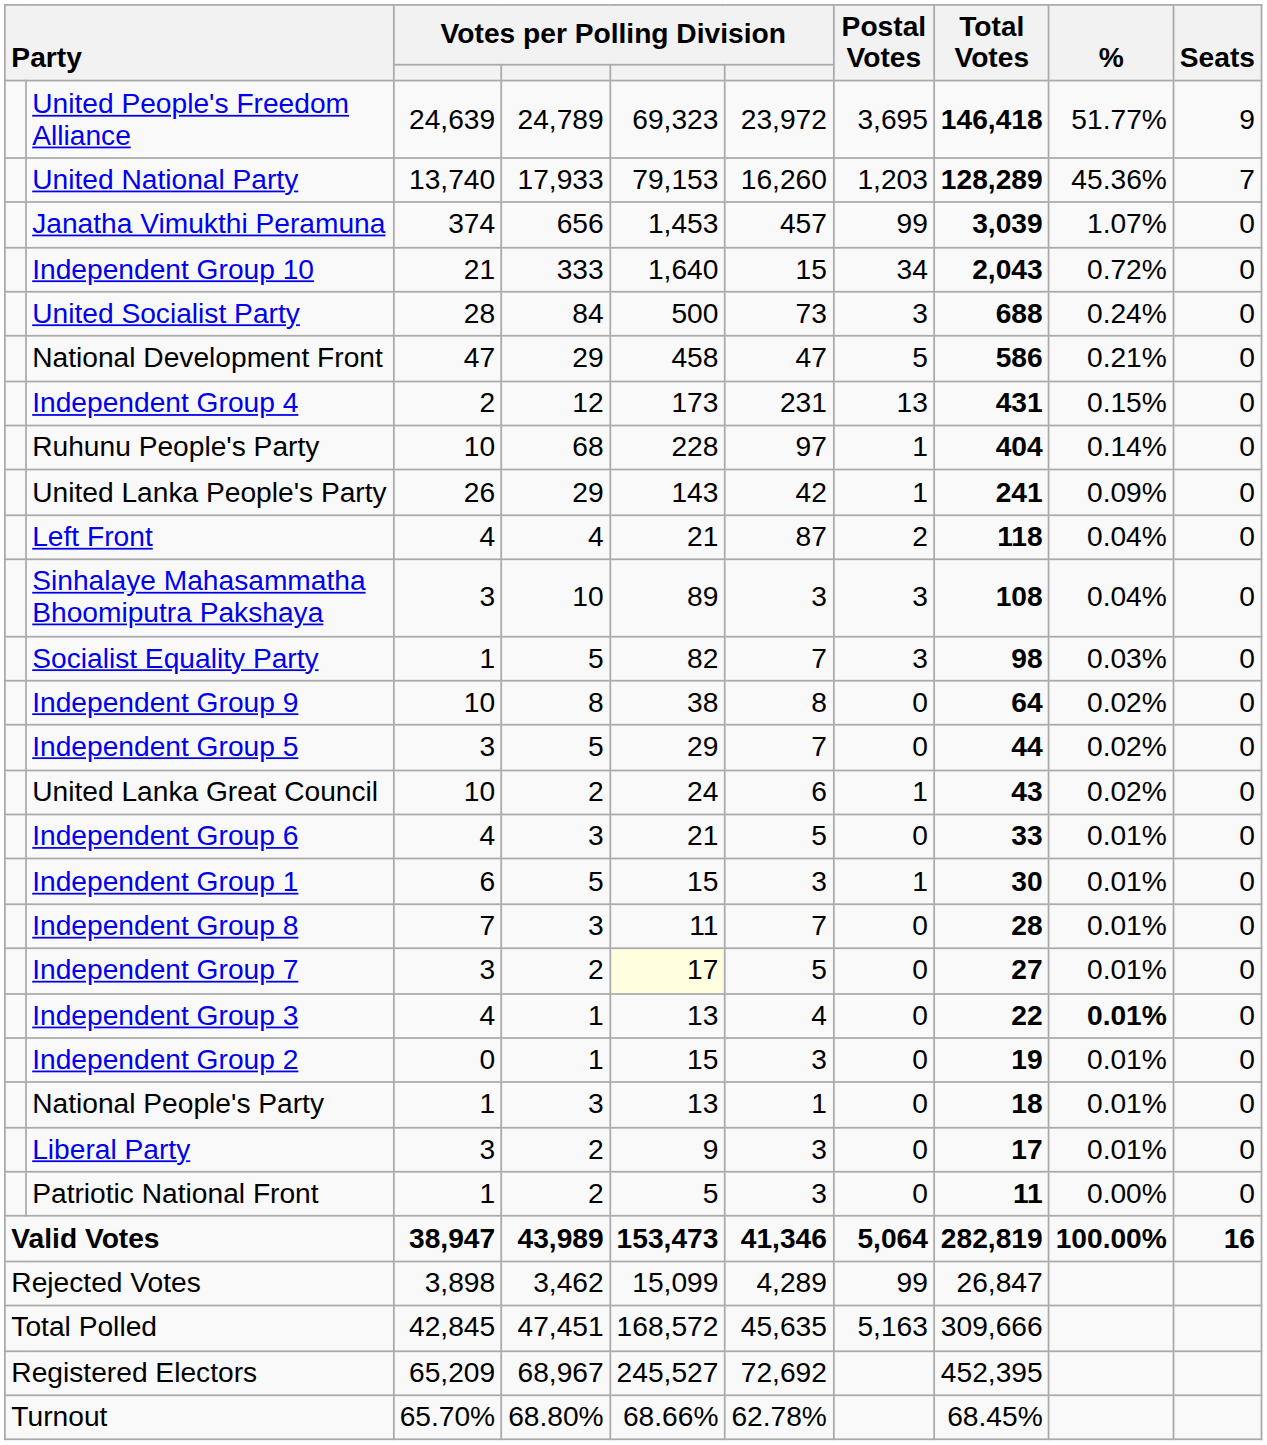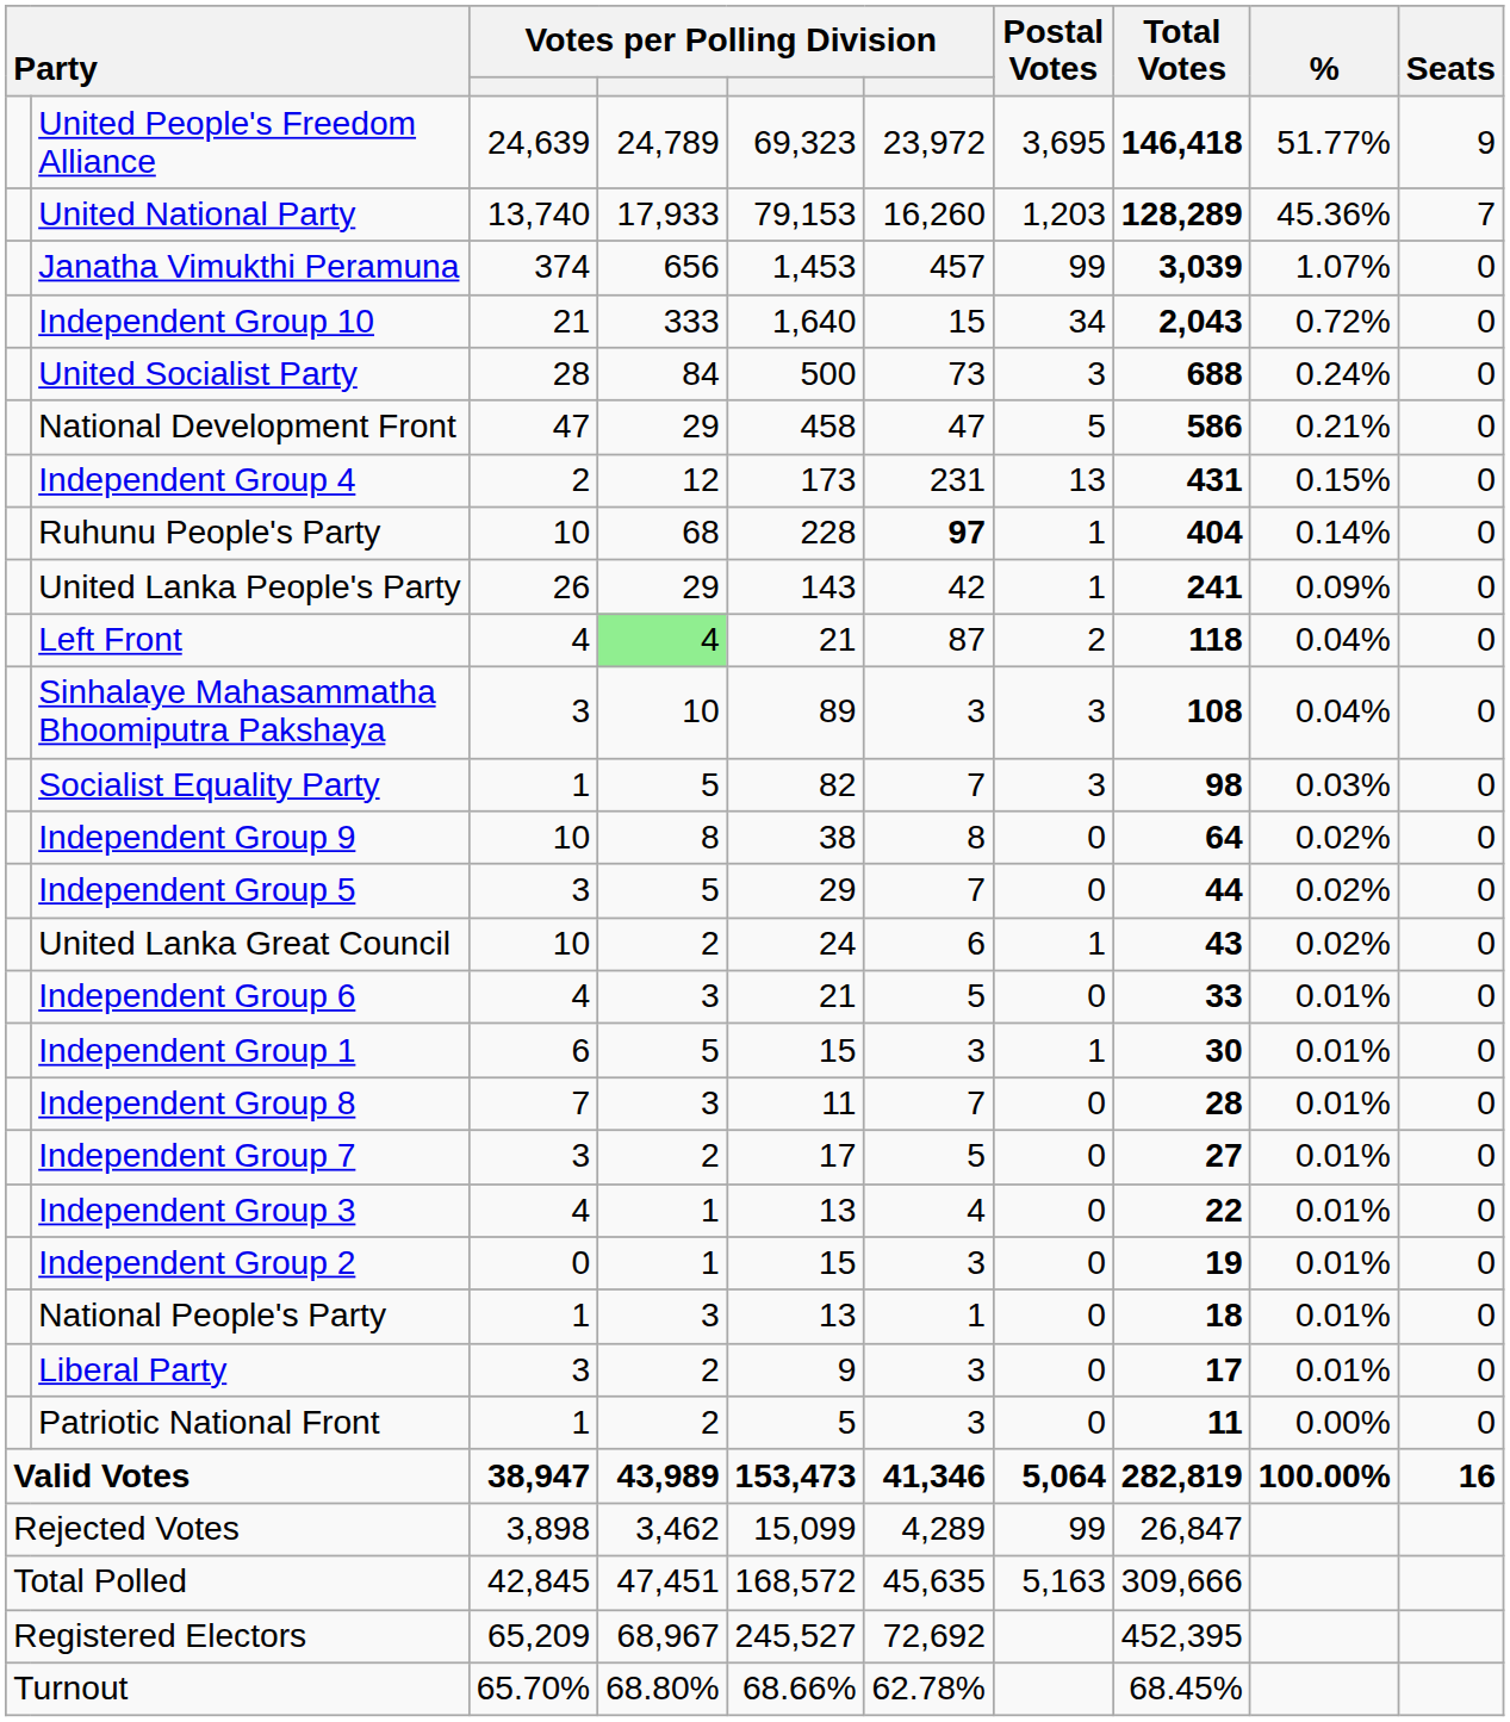 <table class="wikitable" border="1" style="text-align:right;">
 <tr>
 <th style="text-align:left; vertical-align:bottom;" rowspan="2" colspan="2">Party</th>
 <th colspan=4>Votes per Polling Division</th>
 <th rowspan="2" style="vertical-align:bottom; text-align:center; width:50px;">Postal<br>Votes</th>
 <th rowspan="2" style="vertical-align:bottom; text-align:center; width:50px;">Total Votes</th>
 <th rowspan="2" style="vertical-align:bottom; text-align:center; width:50px;">%</th>
 <th rowspan="2" style="vertical-align:bottom; text-align:center; width:40px;">Seats</th>
 </tr>
 <tr>
 <th></th>
 <th></th>
 <th></th>
 <th></th>
 </tr>
 <tr>
 <td bgcolor=> </td>
 <td align=left><a href='#'>United People's Freedom<br>Alliance</a></td>
 <td>24,639</td>
 <td>24,789</td>
 <td>69,323</td>
 <td>23,972</td>
 <td>3,695</td>
 <td><strong>146,418</strong></td>
 <td>51.77%</td>
 <td>9</td>
 </tr>
 <tr>
 <td bgcolor=> </td>
 <td align=left><a href='#'>United National Party</a></td>
 <td>13,740</td>
 <td>17,933</td>
 <td>79,153</td>
 <td>16,260</td>
 <td>1,203</td>
 <td><strong>128,289</strong></td>
 <td>45.36%</td>
 <td>7</td>
 </tr>
 <tr>
 <td bgcolor=> </td>
 <td align=left><a href='#'>Janatha Vimukthi Peramuna</a></td>
 <td>374</td>
 <td>656</td>
 <td>1,453</td>
 <td>457</td>
 <td>99</td>
 <td><strong>3,039</strong></td>
 <td>1.07%</td>
 <td>0</td>
 </tr>
 <tr>
 <td bgcolor=> </td>
 <td align=left><a href='#'>Independent Group 10</a></td>
 <td>21</td>
 <td>333</td>
 <td>1,640</td>
 <td>15</td>
 <td>34</td>
 <td><strong>2,043</strong></td>
 <td>0.72%</td>
 <td>0</td>
 </tr>
 <tr>
 <td bgcolor=> </td>
 <td align=left><a href='#'>United Socialist Party</a></td>
 <td>28</td>
 <td>84</td>
 <td>500</td>
 <td>73</td>
 <td>3</td>
 <td><strong>688</strong></td>
 <td>0.24%</td>
 <td>0</td>
 </tr>
 <tr>
 <td bgcolor=> </td>
 <td align=left>National Development Front</td>
 <td>47</td>
 <td>29</td>
 <td>458</td>
 <td>47</td>
 <td>5</td>
 <td><strong>586</strong></td>
 <td>0.21%</td>
 <td>0</td>
 </tr>
 <tr>
 <td bgcolor=> </td>
 <td align=left><a href='#'>Independent Group 4</a></td>
 <td>2</td>
 <td>12</td>
 <td>173</td>
 <td>231</td>
 <td>13</td>
 <td><strong>431</strong></td>
 <td>0.15%</td>
 <td>0</td>
 </tr>
 <tr>
 <td bgcolor=> </td>
 <td align=left>Ruhunu People's Party</td>
 <td>10</td>
 <td>68</td>
 <td>228</td>
-<td>97</td>
+<td><strong>97</strong></td>
 <td>1</td>
 <td><strong>404</strong></td>
 <td>0.14%</td>
 <td>0</td>
 </tr>
 <tr>
 <td bgcolor=> </td>
 <td align=left>United Lanka People's Party</td>
 <td>26</td>
 <td>29</td>
 <td>143</td>
 <td>42</td>
 <td>1</td>
 <td><strong>241</strong></td>
 <td>0.09%</td>
 <td>0</td>
 </tr>
 <tr>
 <td bgcolor=> </td>
 <td align=left><a href='#'>Left Front</a></td>
 <td>4</td>
-<td>4</td>
+<td style="background: lightgreen;">4</td>
 <td>21</td>
 <td>87</td>
 <td>2</td>
 <td><strong>118</strong></td>
 <td>0.04%</td>
 <td>0</td>
 </tr>
 <tr>
 <td bgcolor=> </td>
 <td align=left><a href='#'>Sinhalaye Mahasammatha<br>Bhoomiputra Pakshaya</a></td>
 <td>3</td>
 <td>10</td>
 <td>89</td>
 <td>3</td>
 <td>3</td>
 <td><strong>108</strong></td>
 <td>0.04%</td>
 <td>0</td>
 </tr>
 <tr>
 <td bgcolor=> </td>
 <td align=left><a href='#'>Socialist Equality Party</a></td>
 <td>1</td>
 <td>5</td>
 <td>82</td>
 <td>7</td>
 <td>3</td>
 <td><strong>98</strong></td>
 <td>0.03%</td>
 <td>0</td>
 </tr>
 <tr>
 <td bgcolor=> </td>
 <td align=left><a href='#'>Independent Group 9</a></td>
 <td>10</td>
 <td>8</td>
 <td>38</td>
 <td>8</td>
 <td>0</td>
 <td><strong>64</strong></td>
 <td>0.02%</td>
 <td>0</td>
 </tr>
 <tr>
 <td bgcolor=> </td>
 <td align=left><a href='#'>Independent Group 5</a></td>
 <td>3</td>
 <td>5</td>
 <td>29</td>
 <td>7</td>
 <td>0</td>
 <td><strong>44</strong></td>
 <td>0.02%</td>
 <td>0</td>
 </tr>
 <tr>
 <td bgcolor=> </td>
 <td align=left>United Lanka Great Council</td>
 <td>10</td>
 <td>2</td>
 <td>24</td>
 <td>6</td>
 <td>1</td>
 <td><strong>43</strong></td>
 <td>0.02%</td>
 <td>0</td>
 </tr>
 <tr>
 <td bgcolor=> </td>
 <td align=left><a href='#'>Independent Group 6</a></td>
 <td>4</td>
 <td>3</td>
 <td>21</td>
 <td>5</td>
 <td>0</td>
 <td><strong>33</strong></td>
 <td>0.01%</td>
 <td>0</td>
 </tr>
 <tr>
 <td bgcolor=> </td>
 <td align=left><a href='#'>Independent Group 1</a></td>
 <td>6</td>
 <td>5</td>
 <td>15</td>
 <td>3</td>
 <td>1</td>
 <td><strong>30</strong></td>
 <td>0.01%</td>
 <td>0</td>
 </tr>
 <tr>
 <td bgcolor=> </td>
 <td align=left><a href='#'>Independent Group 8</a></td>
 <td>7</td>
 <td>3</td>
 <td>11</td>
 <td>7</td>
 <td>0</td>
 <td><strong>28</strong></td>
 <td>0.01%</td>
 <td>0</td>
 </tr>
 <tr>
 <td bgcolor=> </td>
 <td align=left><a href='#'>Independent Group 7</a></td>
 <td>3</td>
 <td>2</td>
-<td style="background: lightyellow;">17</td>
+<td>17</td>
 <td>5</td>
 <td>0</td>
 <td><strong>27</strong></td>
 <td>0.01%</td>
 <td>0</td>
 </tr>
 <tr>
 <td bgcolor=> </td>
 <td align=left><a href='#'>Independent Group 3</a></td>
 <td>4</td>
 <td>1</td>
 <td>13</td>
 <td>4</td>
 <td>0</td>
 <td><strong>22</strong></td>
-<td><strong>0.01%</strong></td>
+<td>0.01%</td>
 <td>0</td>
 </tr>
 <tr>
 <td bgcolor=> </td>
 <td align=left><a href='#'>Independent Group 2</a></td>
 <td>0</td>
 <td>1</td>
 <td>15</td>
 <td>3</td>
 <td>0</td>
 <td><strong>19</strong></td>
 <td>0.01%</td>
 <td>0</td>
 </tr>
 <tr>
 <td bgcolor=> </td>
 <td align=left>National People's Party</td>
 <td>1</td>
 <td>3</td>
 <td>13</td>
 <td>1</td>
 <td>0</td>
 <td><strong>18</strong></td>
 <td>0.01%</td>
 <td>0</td>
 </tr>
 <tr>
 <td bgcolor=> </td>
 <td align=left><a href='#'>Liberal Party</a></td>
 <td>3</td>
 <td>2</td>
 <td>9</td>
 <td>3</td>
 <td>0</td>
 <td><strong>17</strong></td>
 <td>0.01%</td>
 <td>0</td>
 </tr>
 <tr>
 <td bgcolor=> </td>
 <td align=left>Patriotic National Front</td>
 <td>1</td>
 <td>2</td>
 <td>5</td>
 <td>3</td>
 <td>0</td>
 <td><strong>11</strong></td>
 <td>0.00%</td>
 <td>0</td>
 </tr>
 <tr>
 <td align=left colspan=2><strong>Valid Votes</strong></td>
 <td><strong>38,947</strong></td>
 <td><strong>43,989</strong></td>
 <td><strong>153,473</strong></td>
 <td><strong>41,346</strong></td>
 <td><strong>5,064</strong></td>
 <td><strong>282,819</strong></td>
 <td><strong>100.00%</strong></td>
 <td><strong>16</strong></td>
 </tr>
 <tr>
 <td align=left colspan=2>Rejected Votes</td>
 <td>3,898</td>
 <td>3,462</td>
 <td>15,099</td>
 <td>4,289</td>
 <td>99</td>
 <td>26,847</td>
 <td></td>
 <td></td>
 </tr>
 <tr>
 <td align=left colspan=2>Total Polled</td>
 <td>42,845</td>
 <td>47,451</td>
 <td>168,572</td>
 <td>45,635</td>
 <td>5,163</td>
 <td>309,666</td>
 <td></td>
 <td></td>
 </tr>
 <tr>
 <td align=left colspan=2>Registered Electors</td>
 <td>65,209</td>
 <td>68,967</td>
 <td>245,527</td>
 <td>72,692</td>
 <td></td>
 <td>452,395</td>
 <td></td>
 <td></td>
 </tr>
 <tr>
 <td align=left colspan=2>Turnout</td>
 <td>65.70%</td>
 <td>68.80%</td>
 <td>68.66%</td>
 <td>62.78%</td>
 <td></td>
 <td>68.45%</td>
 <td></td>
 <td></td>
 </tr>
 </table>
